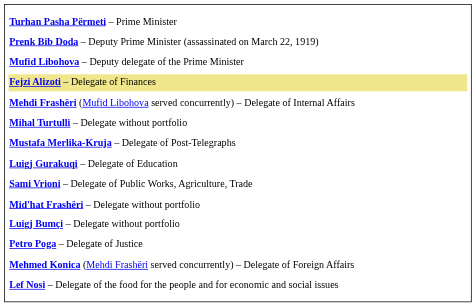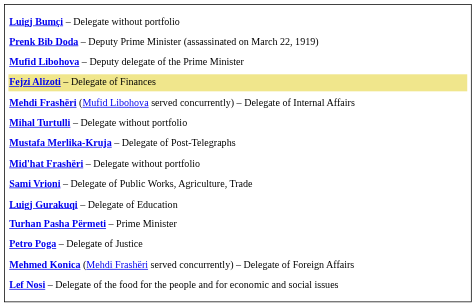 <table cellpadding="1" cellspacing="5" style="border:1px solid #000000; font-size:85%; line-height: 1.5em;" width=50%>
 <tr>
 <td align="center"></td>
 </tr>
 <tr>
-<td><strong><a href='#'>Turhan Pasha Përmeti</a></strong> – Prime Minister</td>
+<td><strong><a href='#'>Luigj Bumçi</a></strong> – Delegate without portfolio</td>
 </tr>
 <tr>
 <td><strong><a href='#'>Prenk Bib Doda</a></strong> – Deputy Prime Minister (assassinated on March 22, 1919)</td>
 </tr>
 <tr>
 <td><strong><a href='#'>Mufid Libohova</a></strong> – Deputy delegate of the Prime Minister</td>
 </tr>
 <tr>
 <td style="background: khaki;"><strong><a href='#'>Fejzi Alizoti</a></strong> – Delegate of Finances</td>
 </tr>
 <tr>
 <td><strong><a href='#'>Mehdi Frashëri</a></strong> (<a href='#'>Mufid Libohova</a> served concurrently) – Delegate of Internal Affairs</td>
 </tr>
 <tr>
 <td><strong><a href='#'>Mihal Turtulli</a></strong> – Delegate without portfolio</td>
 </tr>
 <tr>
 <td><strong><a href='#'>Mustafa Merlika-Kruja</a></strong> – Delegate of Post-Telegraphs</td>
 </tr>
 <tr>
-<td><strong><a href='#'>Luigj Gurakuqi</a></strong> – Delegate of Education</td>
+<td><strong><a href='#'>Mid'hat Frashëri</a></strong> – Delegate without portfolio</td>
 </tr>
 <tr>
 <td><strong><a href='#'>Sami Vrioni</a></strong> – Delegate of Public Works, Agriculture, Trade</td>
 </tr>
 <tr>
-<td><strong><a href='#'>Mid'hat Frashëri</a></strong> – Delegate without portfolio</td>
+<td><strong><a href='#'>Luigj Gurakuqi</a></strong> – Delegate of Education</td>
 </tr>
 <tr>
-<td><strong><a href='#'>Luigj Bumçi</a></strong> – Delegate without portfolio</td>
+<td><strong><a href='#'>Turhan Pasha Përmeti</a></strong> – Prime Minister</td>
 </tr>
 <tr>
 <td><strong><a href='#'>Petro Poga</a></strong> – Delegate of Justice</td>
 </tr>
 <tr>
 <td><strong><a href='#'>Mehmed Konica</a></strong> (<a href='#'>Mehdi Frashëri</a> served concurrently) – Delegate of Foreign Affairs</td>
 </tr>
 <tr>
 <td><strong><a href='#'>Lef Nosi</a></strong> – Delegate of the food for the people and for economic and social issues</td>
 </tr>
 <tr>
 </tr>
 </table>
